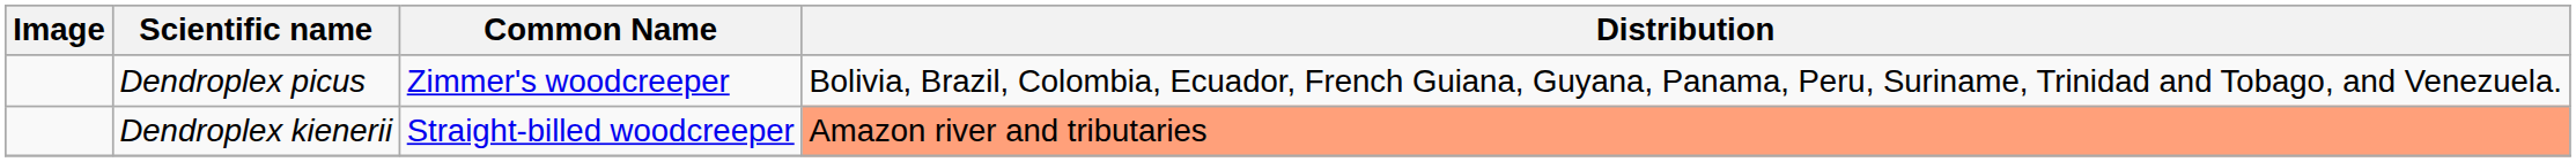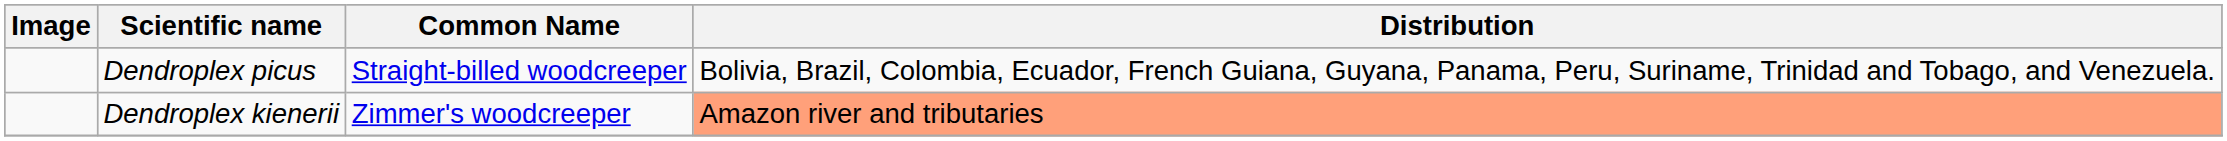 <table class="wikitable">
 <tr>
 <th>Image</th>
 <th>Scientific name</th>
 <th>Common Name</th>
 <th>Distribution</th>
 </tr>
 <tr>
 <td></td>
 <td><em>Dendroplex picus</em></td>
-<td><a href='#'>Zimmer's woodcreeper</a></td>
+<td><a href='#'>Straight-billed woodcreeper</a></td>
 <td>Bolivia, Brazil, Colombia, Ecuador, French Guiana, Guyana, Panama, Peru, Suriname, Trinidad and Tobago, and Venezuela.</td>
 </tr>
 <tr>
 <td></td>
 <td><em>Dendroplex kienerii</em></td>
-<td><a href='#'>Straight-billed woodcreeper</a></td>
+<td><a href='#'>Zimmer's woodcreeper</a></td>
 <td style="background: lightsalmon;">Amazon river and tributaries</td>
 </tr>
 <tr>
 </tr>
 </table>
